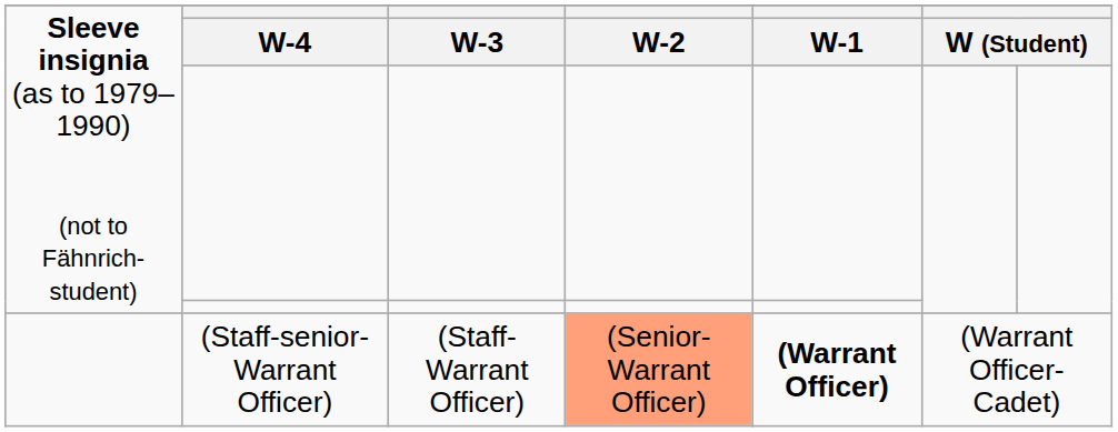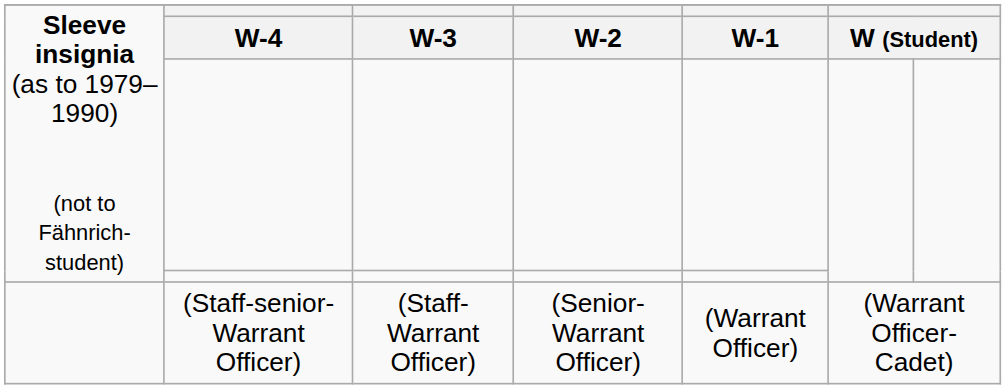 <table class="wikitable">
 <tr>
 </tr>
 <tr align="center">
 <td rowspan=4; align="center"><strong>Sleeve insignia</strong> <br>(as to 1979–1990)<br><br><br><small>(not to Fähnrich-student)</small></td>
 <th></th>
 <th></th>
 <th></th>
 <th></th>
 <th colspan=2></th>
 </tr>
 <tr align="center">
 <th>W-4</th>
 <th>W-3</th>
 <th>W-2</th>
 <th>W-1</th>
 <th colspan=2>W <small>(Student)</small></th>
 </tr>
 <tr align="center">
 <td></td>
 <td></td>
 <td></td>
 <td></td>
 <td rowspan=2></td>
 <td rowspan=2></td>
 </tr>
 <tr align="center">
 <td></td>
 <td></td>
 <td></td>
 <td></td>
 </tr>
 <tr align="center">
 <td></td>
 <td>(Staff-senior-Warrant Officer)</td>
 <td>(Staff-Warrant Officer)</td>
-<td style="background: lightsalmon;">(Senior-Warrant Officer)</td>
-<td><strong>(Warrant Officer)</strong></td>
+<td>(Senior-Warrant Officer)</td>
+<td>(Warrant Officer)</td>
 <td colspan=2>(Warrant Officer-Cadet)</td>
 </tr>
 </table>
